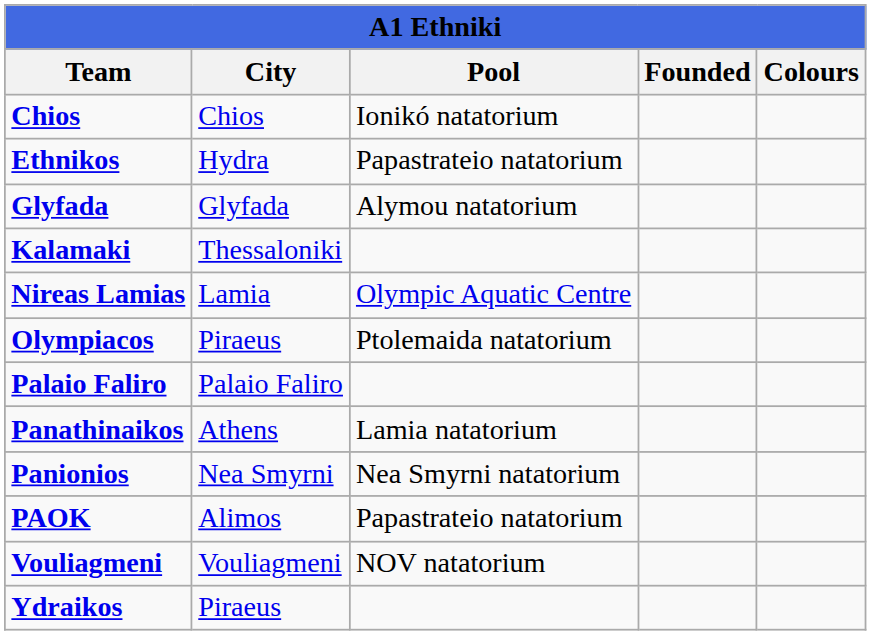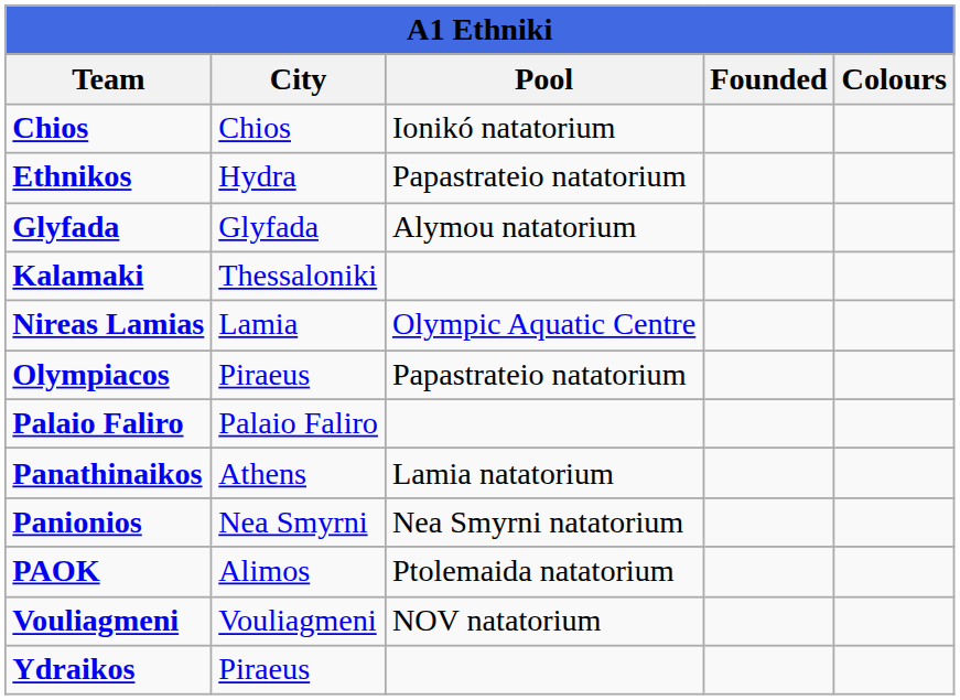 <table class="wikitable sortable">
 <tr>
 <td bgcolor=#4169E1 align="center" colspan="17"><strong><span>A1 Ethniki</span></strong></td>
 </tr>
 <tr>
 <th>Team</th>
 <th>City</th>
 <th>Pool</th>
 <th>Founded</th>
 <th>Colours</th>
 </tr>
 <tr>
 <td><strong><a href='#'>Chios</a></strong></td>
 <td><a href='#'>Chios</a></td>
 <td>Ionikó natatorium</td>
 <td></td>
 <td></td>
 </tr>
 <tr>
 <td><strong><a href='#'>Ethnikos</a></strong></td>
 <td><a href='#'>Hydra</a></td>
 <td>Papastrateio natatorium</td>
 <td></td>
 <td></td>
 </tr>
 <tr>
 <td><strong><a href='#'>Glyfada</a></strong></td>
 <td><a href='#'>Glyfada</a></td>
 <td>Alymou natatorium</td>
 <td></td>
 <td></td>
 </tr>
 <tr>
 <td><strong><a href='#'>Kalamaki</a></strong></td>
 <td><a href='#'>Thessaloniki</a></td>
 <td></td>
 <td></td>
 <td></td>
 </tr>
 <tr>
 <td><strong><a href='#'>Nireas Lamias</a></strong></td>
 <td><a href='#'>Lamia</a></td>
 <td><a href='#'>Olympic Aquatic Centre</a></td>
 <td></td>
 <td></td>
 </tr>
 <tr>
 <td><strong><a href='#'>Olympiacos</a></strong></td>
 <td><a href='#'>Piraeus</a></td>
-<td>Ptolemaida natatorium</td>
+<td>Papastrateio natatorium</td>
 <td></td>
 <td></td>
 </tr>
 <tr>
 <td><strong><a href='#'>Palaio Faliro</a></strong></td>
 <td><a href='#'>Palaio Faliro</a></td>
 <td></td>
 <td></td>
 <td></td>
 </tr>
 <tr>
 <td><strong><a href='#'>Panathinaikos</a></strong></td>
 <td><a href='#'>Athens</a></td>
 <td>Lamia natatorium</td>
 <td></td>
 <td></td>
 </tr>
 <tr>
 <td><strong><a href='#'>Panionios</a></strong></td>
 <td><a href='#'>Nea Smyrni</a></td>
 <td>Nea Smyrni natatorium</td>
 <td></td>
 <td></td>
 </tr>
 <tr>
 <td><strong><a href='#'>PAOK</a></strong></td>
 <td><a href='#'>Alimos</a></td>
-<td>Papastrateio natatorium</td>
+<td>Ptolemaida natatorium</td>
 <td></td>
 <td></td>
 </tr>
 <tr>
 <td><strong><a href='#'>Vouliagmeni</a></strong></td>
 <td><a href='#'>Vouliagmeni</a></td>
 <td>NOV natatorium</td>
 <td></td>
 <td></td>
 </tr>
 <tr>
 <td><strong><a href='#'>Ydraikos</a></strong></td>
 <td><a href='#'>Piraeus</a></td>
 <td></td>
 <td></td>
 <td></td>
 </tr>
 </table>
